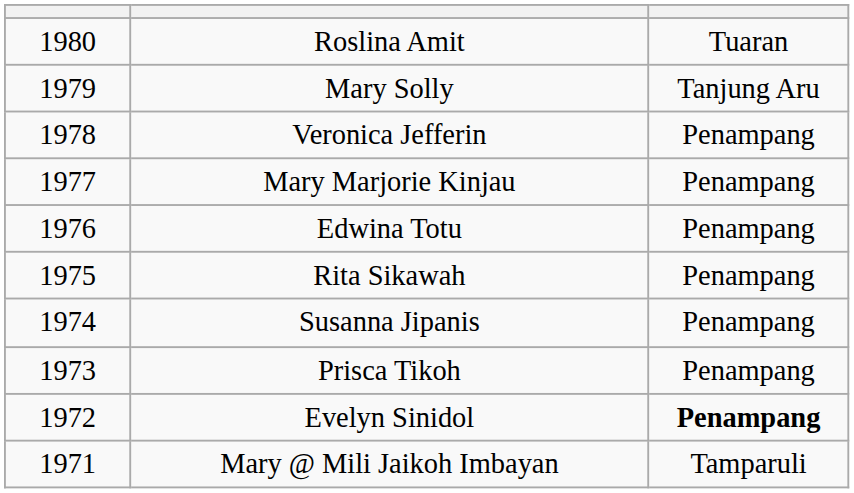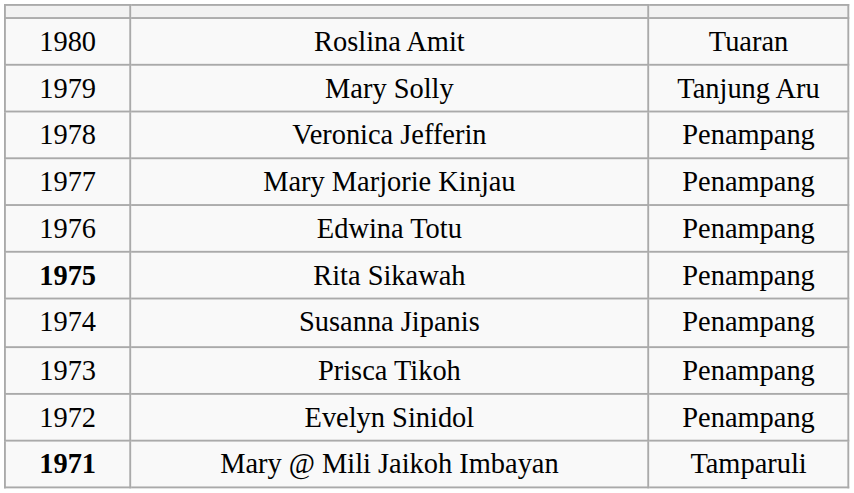 <table class="wikitable sortable" style="font-size: 95%; text-align:center">
 <tr>
 <th width="60"></th>
 <th width="270"></th>
 <th width="100"></th>
 </tr>
 <tr>
 <td>1980</td>
 <td>Roslina Amit</td>
 <td>Tuaran</td>
 </tr>
 <tr>
 <td>1979</td>
 <td>Mary Solly</td>
 <td>Tanjung Aru</td>
 </tr>
 <tr>
 <td>1978</td>
 <td>Veronica Jefferin</td>
 <td>Penampang</td>
 </tr>
 <tr>
 <td>1977</td>
 <td>Mary Marjorie Kinjau</td>
 <td>Penampang</td>
 </tr>
 <tr>
 <td>1976</td>
 <td>Edwina Totu</td>
 <td>Penampang</td>
 </tr>
 <tr>
-<td>1975</td>
+<td><strong>1975</strong></td>
 <td>Rita Sikawah</td>
 <td>Penampang</td>
 </tr>
 <tr>
 <td>1974</td>
 <td>Susanna Jipanis</td>
 <td>Penampang</td>
 </tr>
 <tr>
 <td>1973</td>
 <td>Prisca Tikoh</td>
 <td>Penampang</td>
 </tr>
 <tr>
 <td>1972</td>
 <td>Evelyn Sinidol</td>
-<td><strong>Penampang</strong></td>
+<td>Penampang</td>
 </tr>
 <tr>
-<td>1971</td>
+<td><strong>1971</strong></td>
 <td>Mary @ Mili Jaikoh Imbayan</td>
 <td>Tamparuli</td>
 </tr>
 </table>
